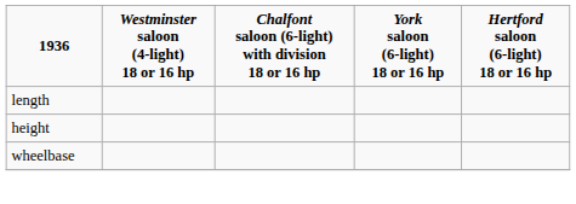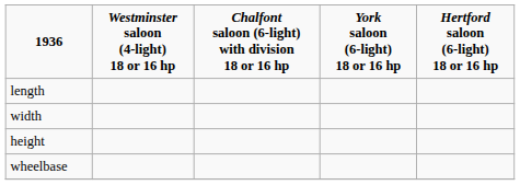 <table border="2" cellpadding="4" cellspacing="0" style="margin:1em auto; background: #f9f9f9; border: 1px #aaa solid; border-collapse: collapse; font-size: 85%; width:40%">
 <tr ---->
 <th style="text-align:center;">1936</th>
 <th><em>Westminster</em><br>saloon<br> (4-light)<br> 18 or 16 hp</th>
 <th><em>Chalfont</em><br>saloon (6-light)<br> with division<br> 18 or 16 hp</th>
 <th><em>York</em><br>saloon<br>(6-light)<br> 18 or 16 hp</th>
 <th><em>Hertford</em><br>saloon<br>(6-light)<br> 18 or 16 hp</th>
 </tr>
 <tr>
 <td>length</td>
+<td style="text-align:center;"></td>
+<td style="text-align:center;"></td>
+<td style="text-align:center;"></td>
+<td style="text-align:center;"></td>
+</tr>
+<tr>
+<td>width</td>
 <td style="text-align:center;"></td>
 <td style="text-align:center;"></td>
 <td style="text-align:center;"></td>
 <td style="text-align:center;"></td>
 </tr>
 <tr>
 <td>height</td>
 <td style="text-align:center;"></td>
 <td style="text-align:center;"></td>
 <td style="text-align:center;"></td>
 <td style="text-align:center;"></td>
 </tr>
 <tr>
 <td>wheelbase</td>
 <td style="text-align:center;"></td>
 <td style="text-align:center;"></td>
 <td style="text-align:center;"></td>
 <td style="text-align:center;"></td>
 </tr>
 <tr>
 </tr>
 </table>
